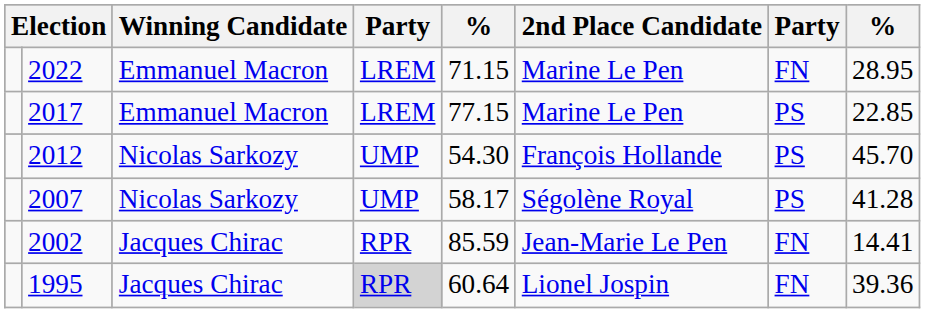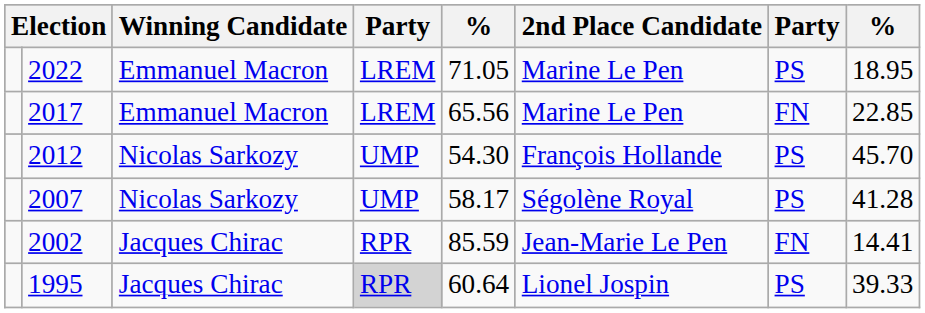 <table class="wikitable">
 <tr>
 <th colspan="2">Election</th>
 <th>Winning Candidate</th>
 <th>Party</th>
 <th>%</th>
 <th>2nd Place Candidate</th>
 <th>Party</th>
 <th>%</th>
 </tr>
 <tr>
 <td style="background-color: "></td>
 <td><a href='#'>2022</a></td>
 <td><a href='#'>Emmanuel Macron</a></td>
 <td><a href='#'>LREM</a></td>
-<td>71.15</td>
+<td>71.05</td>
 <td><a href='#'>Marine Le Pen</a></td>
-<td><a href='#'>FN</a></td>
-<td>28.95</td>
+<td><a href='#'>PS</a></td>
+<td>18.95</td>
 </tr>
 <tr>
 <td style="background-color: "></td>
 <td><a href='#'>2017</a></td>
 <td><a href='#'>Emmanuel Macron</a></td>
 <td><a href='#'>LREM</a></td>
-<td>77.15</td>
+<td>65.56</td>
 <td><a href='#'>Marine Le Pen</a></td>
-<td><a href='#'>PS</a></td>
+<td><a href='#'>FN</a></td>
 <td>22.85</td>
 </tr>
 <tr>
 <td style="background-color: "></td>
 <td><a href='#'>2012</a></td>
 <td><a href='#'>Nicolas Sarkozy</a></td>
 <td><a href='#'>UMP</a></td>
 <td>54.30</td>
 <td><a href='#'>François Hollande</a></td>
 <td><a href='#'>PS</a></td>
 <td>45.70</td>
 </tr>
 <tr>
 <td style="background-color: "></td>
 <td><a href='#'>2007</a></td>
 <td><a href='#'>Nicolas Sarkozy</a></td>
 <td><a href='#'>UMP</a></td>
 <td>58.17</td>
 <td><a href='#'>Ségolène Royal</a></td>
 <td><a href='#'>PS</a></td>
 <td>41.28</td>
 </tr>
 <tr>
 <td style="background-color: "></td>
 <td><a href='#'>2002</a></td>
 <td><a href='#'>Jacques Chirac</a></td>
 <td><a href='#'>RPR</a></td>
 <td>85.59</td>
 <td><a href='#'>Jean-Marie Le Pen</a></td>
 <td><a href='#'>FN</a></td>
 <td>14.41</td>
 </tr>
 <tr>
 <td style="background-color: "></td>
 <td><a href='#'>1995</a></td>
 <td><a href='#'>Jacques Chirac</a></td>
 <td style="background: lightgrey;"><a href='#'>RPR</a></td>
 <td>60.64</td>
 <td><a href='#'>Lionel Jospin</a></td>
-<td><a href='#'>FN</a></td>
-<td>39.36</td>
+<td><a href='#'>PS</a></td>
+<td>39.33</td>
 </tr>
 </table>
